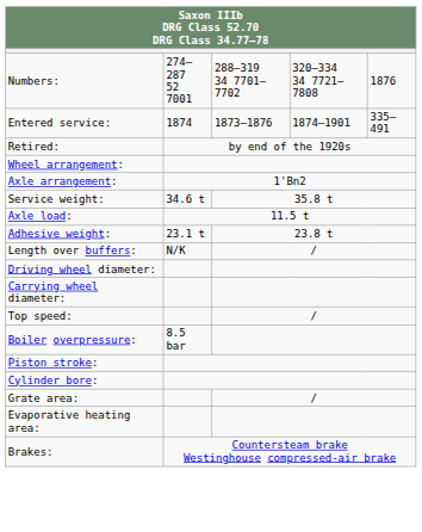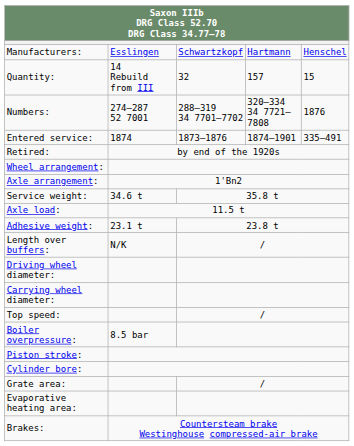 <table class="wikitable float-right"  width="500" align="right">
 <tr ->
 <th colspan="5" style="color:white; background:#698B69"><strong>Saxon IIIb</strong> <br> DRG Class 52.70 <br> DRG Class 34.77–78</th>
 </tr>
 <tr>
 <th colspan="5" align="centre"></th>
+</tr>
+<tr>
+<td>Manufacturers:</td>
+<td><a href='#'>Esslingen</a></td>
+<td><a href='#'>Schwartzkopf</a></td>
+<td><a href='#'>Hartmann</a></td>
+<td><a href='#'>Henschel</a></td>
+</tr>
+<tr>
+<td>Quantity:</td>
+<td>14 <br> Rebuild from <a href='#'>III</a></td>
+<td>32</td>
+<td>157</td>
+<td>15</td>
 </tr>
 <tr>
 <td>Numbers:</td>
 <td>274–287 <br> 52 7001</td>
 <td>288–319 <br> 34 7701–7702</td>
 <td>320–334 <br> 34 7721–7808</td>
 <td>1876</td>
 </tr>
 <tr>
 <td>Entered service:</td>
 <td>1874</td>
 <td>1873–1876</td>
 <td>1874–1901</td>
 <td>335–491 <br></td>
 </tr>
 <tr>
 <td>Retired:</td>
 <td colspan="4"align="center">by end of the 1920s</td>
 </tr>
 <tr>
 <td><a href='#'>Wheel arrangement</a>:</td>
 <td colspan="4" align="center"></td>
 </tr>
 <tr>
 <td><a href='#'>Axle arrangement</a>:</td>
 <td colspan="4" align="center">1'Bn2</td>
 </tr>
 <tr>
 <td>Service weight:</td>
 <td>34.6 t</td>
 <td colspan="3" align="center">35.8 t</td>
 </tr>
 <tr>
 <td><a href='#'>Axle load</a>:</td>
 <td colspan="4" align="center">11.5 t</td>
 </tr>
 <tr>
 <td><a href='#'>Adhesive weight</a>:</td>
 <td>23.1 t</td>
 <td colspan="3" align="center">23.8 t</td>
 </tr>
 <tr>
 <td>Length over <a href='#'>buffers</a>:</td>
 <td>N/K</td>
 <td colspan="3" align="center"> / </td>
 </tr>
 <tr>
 <td><a href='#'>Driving wheel</a> diameter:</td>
 <td></td>
 <td colspan="3" align="center"></td>
 </tr>
 <tr>
 <td><a href='#'>Carrying wheel</a> diameter:</td>
 <td></td>
 <td colspan="3"align="center"></td>
 </tr>
 <tr>
 <td>Top speed:</td>
 <td></td>
 <td colspan="3" align="center"> / </td>
 </tr>
 <tr>
 <td><a href='#'>Boiler</a> <a href='#'>overpressure</a>:</td>
 <td>8.5 bar</td>
 <td colspan="3" align="center"></td>
 </tr>
 <tr>
 <td><a href='#'>Piston stroke</a>:</td>
 <td colspan="4"align="center"></td>
 </tr>
 <tr>
 <td><a href='#'>Cylinder bore</a>:</td>
 <td colspan="4" align="center"></td>
 </tr>
 <tr>
 <td>Grate area:</td>
 <td></td>
 <td colspan="3"align="center"> / </td>
 </tr>
 <tr>
 <td>Evaporative heating area:</td>
 <td></td>
 <td colspan="3" align="center"></td>
 </tr>
 <tr>
 <td>Brakes:</td>
 <td colspan="4" align="center"><a href='#'>Countersteam brake</a><br><a href='#'>Westinghouse</a> <a href='#'>compressed-air brake</a></td>
 </tr>
 </table>
